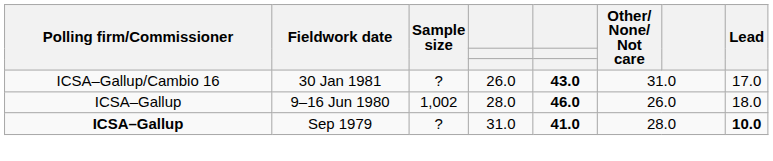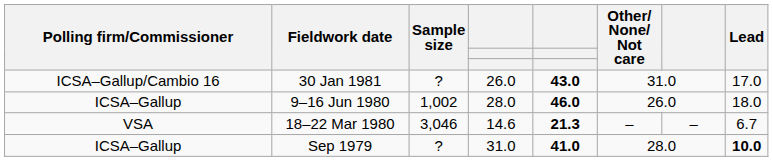 <table class="wikitable collapsible collapsed" style="text-align:center; font-size:90%; line-height:14px;">
 <tr style="height:42px;">
 <th style="width:250px;" rowspan="3">Polling firm/Commissioner</th>
 <th style="width:125px;" rowspan="3">Fieldwork date</th>
 <th style="width:50px;" rowspan="3">Sample size</th>
 <th style="width:55px;"></th>
 <th style="width:55px;"></th>
 <th style="width:55px;" rowspan="3">Other/<br>None/<br>Not<br>care</th>
 <th style="width:55px;" rowspan="3"></th>
 <th style="width:30px;" rowspan="3">Lead</th>
 </tr>
 <tr>
 <th style="color:inherit;background:"></th>
 <th style="color:inherit;background:"></th>
 </tr>
 <tr>
 <th></th>
 <th></th>
 </tr>
 <tr>
 <td>ICSA–Gallup/Cambio 16</td>
 <td>30 Jan 1981</td>
 <td>?</td>
 <td>26.0</td>
 <td><strong>43.0</strong></td>
 <td colspan="2">31.0</td>
 <td style="background:">17.0</td>
 </tr>
 <tr>
 <td>ICSA–Gallup</td>
 <td>9–16 Jun 1980</td>
 <td>1,002</td>
 <td>28.0</td>
 <td><strong>46.0</strong></td>
 <td colspan="2">26.0</td>
 <td style="background:">18.0</td>
 </tr>
 <tr>
-<td><strong>ICSA–Gallup</strong></td>
+<td>VSA</td>
+<td>18–22 Mar 1980</td>
+<td>3,046</td>
+<td>14.6</td>
+<td><strong>21.3</strong></td>
+<td>–</td>
+<td>–</td>
+<td style="background:">6.7</td>
+</tr>
+<tr>
+<td>ICSA–Gallup</td>
 <td>Sep 1979</td>
 <td>?</td>
 <td>31.0</td>
 <td><strong>41.0</strong></td>
 <td colspan="2">28.0</td>
 <td style="background:"><strong>10.0</strong></td>
 </tr>
 </table>
